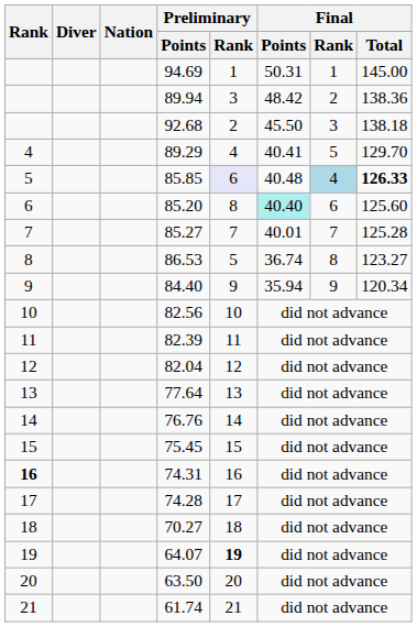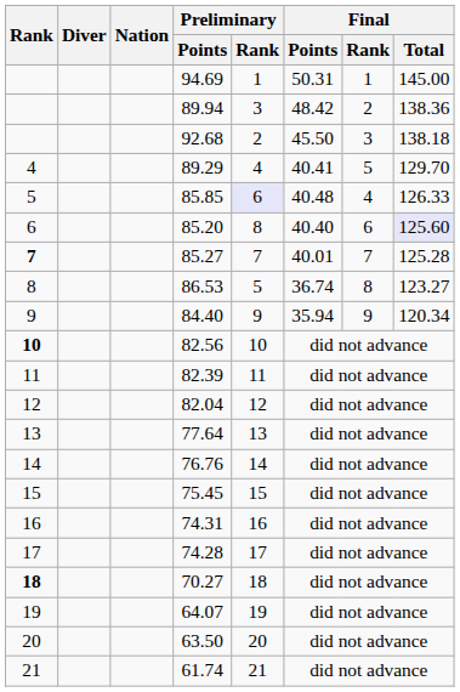 <table class="wikitable sortable" style="text-align:center;">
 <tr>
 <th rowspan=2>Rank</th>
 <th rowspan=2>Diver</th>
 <th rowspan=2>Nation</th>
 <th colspan=2>Preliminary</th>
 <th colspan=3>Final</th>
 </tr>
 <tr>
 <th>Points</th>
 <th>Rank</th>
 <th>Points</th>
 <th>Rank</th>
 <th>Total</th>
 </tr>
 <tr>
 <td></td>
 <td align=left></td>
 <td align=left></td>
 <td>94.69</td>
 <td>1</td>
 <td>50.31</td>
 <td>1</td>
 <td>145.00</td>
 </tr>
 <tr>
 <td></td>
 <td align=left></td>
 <td align=left></td>
 <td>89.94</td>
 <td>3</td>
 <td>48.42</td>
 <td>2</td>
 <td>138.36</td>
 </tr>
 <tr>
 <td></td>
 <td align=left></td>
 <td align=left></td>
 <td>92.68</td>
 <td>2</td>
 <td>45.50</td>
 <td>3</td>
 <td>138.18</td>
 </tr>
 <tr>
 <td>4</td>
 <td align=left></td>
 <td align=left></td>
 <td>89.29</td>
 <td>4</td>
 <td>40.41</td>
 <td>5</td>
 <td>129.70</td>
 </tr>
 <tr>
 <td>5</td>
 <td align=left></td>
 <td align=left></td>
 <td>85.85</td>
 <td style="background: lavender;">6</td>
 <td>40.48</td>
-<td style="background: lightblue;">4</td>
-<td><strong>126.33</strong></td>
+<td>4</td>
+<td>126.33</td>
 </tr>
 <tr>
 <td>6</td>
 <td align=left></td>
 <td align=left></td>
 <td>85.20</td>
 <td>8</td>
-<td style="background: paleturquoise;">40.40</td>
+<td>40.40</td>
 <td>6</td>
-<td>125.60</td>
+<td style="background: lavender;">125.60</td>
 </tr>
 <tr>
-<td>7</td>
+<td><strong>7</strong></td>
 <td align=left></td>
 <td align=left></td>
 <td>85.27</td>
 <td>7</td>
 <td>40.01</td>
 <td>7</td>
 <td>125.28</td>
 </tr>
 <tr>
 <td>8</td>
 <td align=left></td>
 <td align=left></td>
 <td>86.53</td>
 <td>5</td>
 <td>36.74</td>
 <td>8</td>
 <td>123.27</td>
 </tr>
 <tr>
 <td>9</td>
 <td align=left></td>
 <td align=left></td>
 <td>84.40</td>
 <td>9</td>
 <td>35.94</td>
 <td>9</td>
 <td>120.34</td>
 </tr>
 <tr>
-<td>10</td>
+<td><strong>10</strong></td>
 <td align=left></td>
 <td align=left></td>
 <td>82.56</td>
 <td>10</td>
 <td colspan=3>did not advance</td>
 </tr>
 <tr>
 <td>11</td>
 <td align=left></td>
 <td align=left></td>
 <td>82.39</td>
 <td>11</td>
 <td colspan=3>did not advance</td>
 </tr>
 <tr>
 <td>12</td>
 <td align=left></td>
 <td align=left></td>
 <td>82.04</td>
 <td>12</td>
 <td colspan=3>did not advance</td>
 </tr>
 <tr>
 <td>13</td>
 <td align=left></td>
 <td align=left></td>
 <td>77.64</td>
 <td>13</td>
 <td colspan=3>did not advance</td>
 </tr>
 <tr>
 <td>14</td>
 <td align=left></td>
 <td align=left></td>
 <td>76.76</td>
 <td>14</td>
 <td colspan=3>did not advance</td>
 </tr>
 <tr>
 <td>15</td>
 <td align=left></td>
 <td align=left></td>
 <td>75.45</td>
 <td>15</td>
 <td colspan=3>did not advance</td>
 </tr>
 <tr>
-<td><strong>16</strong></td>
+<td>16</td>
 <td align=left></td>
 <td align=left></td>
 <td>74.31</td>
 <td>16</td>
 <td colspan=3>did not advance</td>
 </tr>
 <tr>
 <td>17</td>
 <td align=left></td>
 <td align=left></td>
 <td>74.28</td>
 <td>17</td>
 <td colspan=3>did not advance</td>
 </tr>
 <tr>
-<td>18</td>
+<td><strong>18</strong></td>
 <td align=left></td>
 <td align=left></td>
 <td>70.27</td>
 <td>18</td>
 <td colspan=3>did not advance</td>
 </tr>
 <tr>
 <td>19</td>
 <td align=left></td>
 <td align=left></td>
 <td>64.07</td>
-<td><strong>19</strong></td>
+<td>19</td>
 <td colspan=3>did not advance</td>
 </tr>
 <tr>
 <td>20</td>
 <td align=left></td>
 <td align=left></td>
 <td>63.50</td>
 <td>20</td>
 <td colspan=3>did not advance</td>
 </tr>
 <tr>
 <td>21</td>
 <td align=left></td>
 <td align=left></td>
 <td>61.74</td>
 <td>21</td>
 <td colspan=3>did not advance</td>
 </tr>
 </table>
